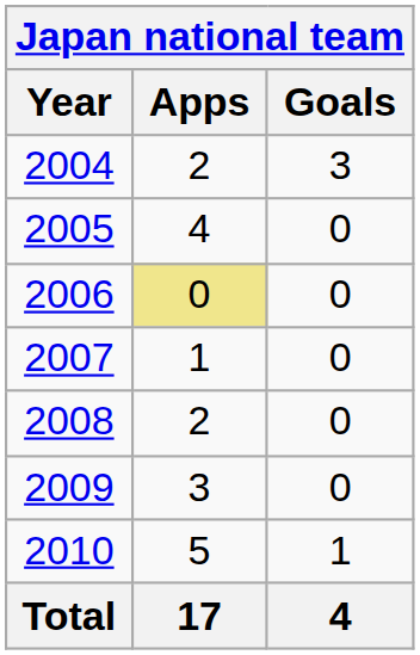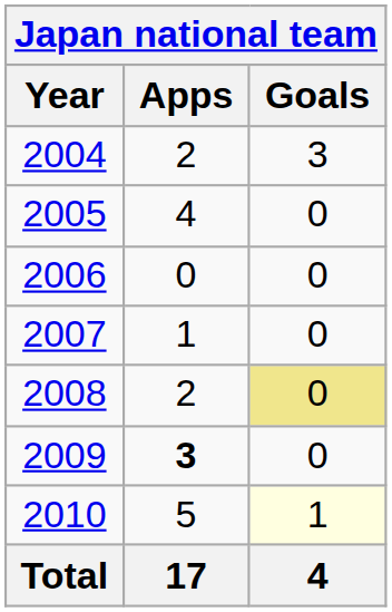 <table class="wikitable" style="text-align:center">
 <tr>
 <th colspan=3><a href='#'>Japan national team</a></th>
 </tr>
 <tr>
 <th>Year</th>
 <th>Apps</th>
 <th>Goals</th>
 </tr>
 <tr>
 <td><a href='#'>2004</a></td>
 <td>2</td>
 <td>3</td>
 </tr>
 <tr>
 <td><a href='#'>2005</a></td>
 <td>4</td>
 <td>0</td>
 </tr>
 <tr>
 <td><a href='#'>2006</a></td>
-<td style="background: khaki;">0</td>
+<td>0</td>
 <td>0</td>
 </tr>
 <tr>
 <td><a href='#'>2007</a></td>
 <td>1</td>
 <td>0</td>
 </tr>
 <tr>
 <td><a href='#'>2008</a></td>
 <td>2</td>
-<td>0</td>
+<td style="background: khaki;">0</td>
 </tr>
 <tr>
 <td><a href='#'>2009</a></td>
-<td>3</td>
+<td><strong>3</strong></td>
 <td>0</td>
 </tr>
 <tr>
 <td><a href='#'>2010</a></td>
 <td>5</td>
-<td>1</td>
+<td style="background: lightyellow;">1</td>
 </tr>
 <tr>
 <th>Total</th>
 <th>17</th>
 <th>4</th>
 </tr>
 </table>
